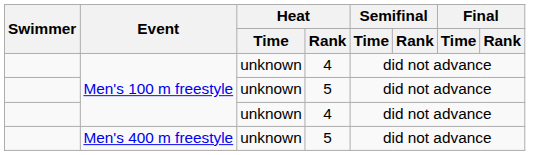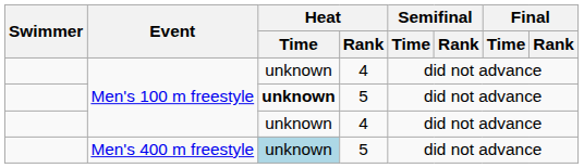 <table class="wikitable sortable" style="text-align:center">
 <tr>
 <th rowspan="2">Swimmer</th>
 <th rowspan="2">Event</th>
 <th colspan="2">Heat</th>
 <th colspan="2">Semifinal</th>
 <th colspan="2">Final</th>
 </tr>
 <tr>
 <th>Time</th>
 <th>Rank</th>
 <th>Time</th>
 <th>Rank</th>
 <th>Time</th>
 <th>Rank</th>
 </tr>
 <tr>
 <td align=left></td>
 <td align=left rowspan=3><a href='#'>Men's 100 m freestyle</a></td>
 <td>unknown</td>
 <td>4</td>
 <td colspan=4>did not advance</td>
 </tr>
 <tr>
 <td align=left></td>
-<td>unknown</td>
+<td><strong>unknown</strong></td>
 <td>5</td>
 <td colspan=4>did not advance</td>
 </tr>
 <tr>
 <td align=left></td>
 <td>unknown</td>
 <td>4</td>
 <td colspan=4>did not advance</td>
 </tr>
 <tr>
 <td align=left></td>
 <td align=left><a href='#'>Men's 400 m freestyle</a></td>
-<td>unknown</td>
+<td style="background: lightblue;">unknown</td>
 <td>5</td>
 <td colspan=4>did not advance</td>
 </tr>
 </table>
